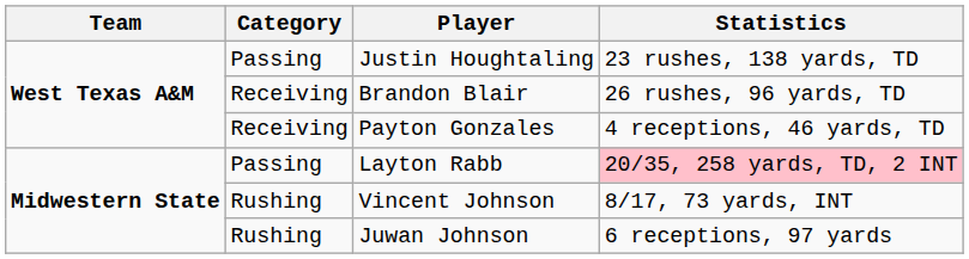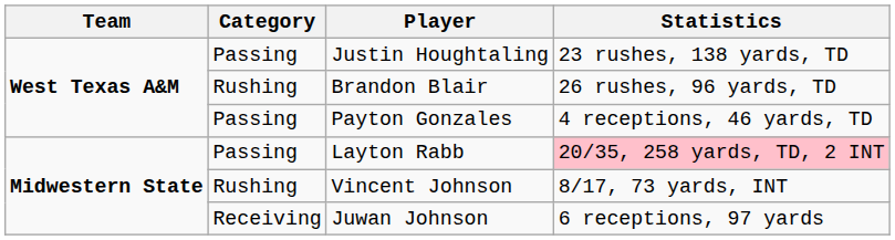 <table class="wikitable" style="float: left;">
 <tr>
 <th>Team</th>
 <th>Category</th>
 <th>Player</th>
 <th>Statistics</th>
 </tr>
 <tr>
 <td rowspan=3><strong>West Texas A&M</strong></td>
 <td>Passing</td>
 <td>Justin Houghtaling</td>
 <td>23 rushes, 138 yards, TD</td>
 </tr>
 <tr>
-<td>Receiving</td>
+<td>Rushing</td>
 <td>Brandon Blair</td>
 <td>26 rushes, 96 yards, TD</td>
 </tr>
 <tr>
-<td>Receiving</td>
+<td>Passing</td>
 <td>Payton Gonzales</td>
 <td>4 receptions, 46 yards, TD</td>
 </tr>
 <tr>
 <td rowspan=3><strong>Midwestern State</strong></td>
 <td>Passing</td>
 <td>Layton Rabb</td>
 <td style="background: pink;">20/35, 258 yards, TD, 2 INT</td>
 </tr>
 <tr>
 <td>Rushing</td>
 <td>Vincent Johnson</td>
 <td>8/17, 73 yards, INT</td>
 </tr>
 <tr>
-<td>Rushing</td>
+<td>Receiving</td>
 <td>Juwan Johnson</td>
 <td>6 receptions, 97 yards</td>
 </tr>
 </table>
